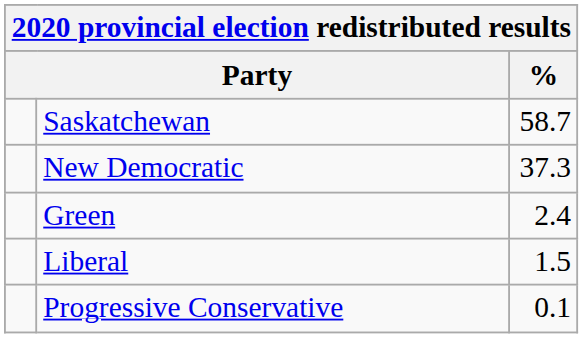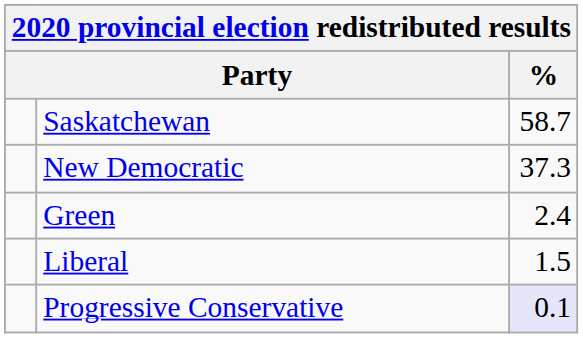 <table class="wikitable">
 <tr>
 <th colspan="4"><a href='#'>2020 provincial election</a> redistributed results</th>
 </tr>
 <tr>
 <th bgcolor="#DDDDFF" width="130px" colspan="2">Party</th>
 <th bgcolor="#DDDDFF" width="30px">%</th>
 </tr>
 <tr>
 <td> </td>
 <td><a href='#'>Saskatchewan</a></td>
 <td align=right>58.7</td>
 </tr>
 <tr>
 <td> </td>
 <td><a href='#'>New Democratic</a></td>
 <td align=right>37.3</td>
 </tr>
 <tr>
 <td> </td>
 <td><a href='#'>Green</a></td>
 <td align=right>2.4</td>
 </tr>
 <tr>
 <td> </td>
 <td><a href='#'>Liberal</a></td>
 <td align=right>1.5</td>
 </tr>
 <tr>
 <td> </td>
 <td><a href='#'>Progressive Conservative</a></td>
-<td align=right>0.1</td>
+<td align=right style="background: lavender;">0.1</td>
 </tr>
 </table>
